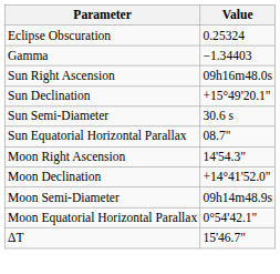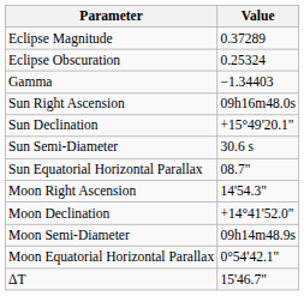 <table class="wikitable">
 <tr>
 <th>Parameter</th>
 <th>Value</th>
+</tr>
+<tr>
+<td>Eclipse Magnitude</td>
+<td>0.37289</td>
 </tr>
 <tr>
 <td>Eclipse Obscuration</td>
 <td>0.25324</td>
 </tr>
 <tr>
 <td>Gamma</td>
 <td>−1.34403</td>
 </tr>
 <tr>
 <td>Sun Right Ascension</td>
 <td>09h16m48.0s</td>
 </tr>
 <tr>
 <td>Sun Declination</td>
 <td>+15°49'20.1"</td>
 </tr>
 <tr>
 <td>Sun Semi-Diameter</td>
 <td>30.6 s</td>
 </tr>
 <tr>
 <td>Sun Equatorial Horizontal Parallax</td>
 <td>08.7"</td>
 </tr>
 <tr>
 <td>Moon Right Ascension</td>
 <td>14'54.3"</td>
 </tr>
 <tr>
 <td>Moon Declination</td>
 <td>+14°41'52.0"</td>
 </tr>
 <tr>
 <td>Moon Semi-Diameter</td>
 <td>09h14m48.9s</td>
 </tr>
 <tr>
 <td>Moon Equatorial Horizontal Parallax</td>
 <td>0°54'42.1"</td>
 </tr>
 <tr>
 <td>ΔT</td>
 <td>15'46.7"</td>
 </tr>
 </table>
